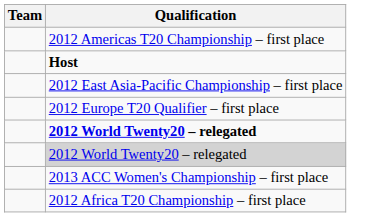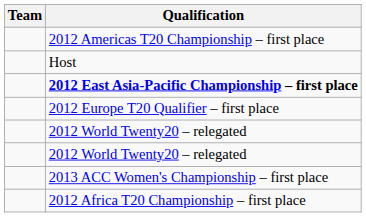 <table class="wikitable">
 <tr>
 <th>Team</th>
 <th>Qualification</th>
 </tr>
 <tr>
 <td></td>
 <td><a href='#'>2012 Americas T20 Championship</a> – first place</td>
 </tr>
 <tr>
 <td></td>
-<td><strong>Host</strong></td>
+<td>Host</td>
 </tr>
 <tr>
 <td></td>
-<td><a href='#'>2012 East Asia-Pacific Championship</a> – first place</td>
+<td><strong><a href='#'>2012 East Asia-Pacific Championship</a> – first place</strong></td>
 </tr>
 <tr>
 <td></td>
 <td><a href='#'>2012 Europe T20 Qualifier</a> – first place</td>
 </tr>
 <tr>
 <td></td>
-<td><strong><a href='#'>2012 World Twenty20</a> – relegated</strong></td>
+<td><a href='#'>2012 World Twenty20</a> – relegated</td>
 </tr>
 <tr>
 <td></td>
-<td style="background: lightgrey;"><a href='#'>2012 World Twenty20</a> – relegated</td>
+<td><a href='#'>2012 World Twenty20</a> – relegated</td>
 </tr>
 <tr>
 <td></td>
 <td><a href='#'>2013 ACC Women's Championship</a> – first place</td>
 </tr>
 <tr>
 <td></td>
 <td><a href='#'>2012 Africa T20 Championship</a> – first place</td>
 </tr>
 </table>
